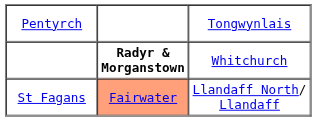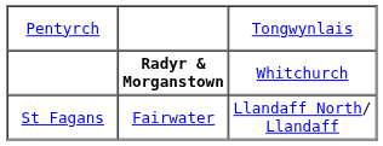 <table border=1 cellpadding=3 cellspacing=0 align=center style="text-align:center;">
 <tr>
 <td><a href='#'>Pentyrch</a></td>
 <td> <br> </td>
 <td><a href='#'>Tongwynlais</a></td>
 </tr>
 <tr>
 <td></td>
 <td><strong>Radyr & <br>Morganstown</strong></td>
 <td><a href='#'>Whitchurch</a></td>
 </tr>
 <tr>
 <td> <a href='#'>St Fagans</a> </td>
-<td style="background: lightsalmon;"><a href='#'>Fairwater</a></td>
+<td><a href='#'>Fairwater</a></td>
 <td><a href='#'>Llandaff North</a>/<br><a href='#'>Llandaff</a></td>
 </tr>
 </table>
